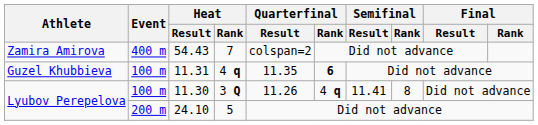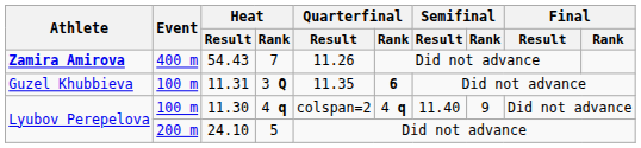 <table class=wikitable style="font-size:90%">
 <tr>
 <th rowspan="2">Athlete</th>
 <th rowspan="2">Event</th>
 <th colspan="2">Heat</th>
 <th colspan="2">Quarterfinal</th>
 <th colspan="2">Semifinal</th>
 <th colspan="2">Final</th>
 </tr>
 <tr style="font-size:95%">
 <th>Result</th>
 <th>Rank</th>
 <th>Result</th>
 <th>Rank</th>
 <th>Result</th>
 <th>Rank</th>
 <th>Result</th>
 <th>Rank</th>
 </tr>
 <tr align=center>
-<td align=left><a href='#'>Zamira Amirova</a></td>
+<td align=left><strong><a href='#'>Zamira Amirova</a></strong></td>
 <td align=left><a href='#'>400 m</a></td>
 <td>54.43</td>
 <td>7</td>
-<td>colspan=2 </td>
+<td>11.26</td>
 <td colspan=4>Did not advance</td>
 </tr>
 <tr align=center>
 <td align=left><a href='#'>Guzel Khubbieva</a></td>
 <td align=left><a href='#'>100 m</a></td>
 <td>11.31</td>
-<td>4 <strong>q</strong></td>
+<td>3 <strong>Q</strong></td>
 <td>11.35</td>
 <td><strong>6</strong></td>
 <td colspan=4>Did not advance</td>
 </tr>
 <tr align=center>
 <td align=left rowspan=2><a href='#'>Lyubov Perepelova</a></td>
 <td align=left><a href='#'>100 m</a></td>
 <td>11.30</td>
-<td>3 <strong>Q</strong></td>
-<td>11.26</td>
 <td>4 <strong>q</strong></td>
-<td>11.41</td>
-<td>8</td>
+<td>colspan=2 </td>
+<td>4 <strong>q</strong></td>
+<td>11.40</td>
+<td>9</td>
 <td colspan=2>Did not advance</td>
 </tr>
 <tr align=center>
 <td align=left><a href='#'>200 m</a></td>
 <td>24.10</td>
 <td>5</td>
 <td colspan=6>Did not advance</td>
 </tr>
 </table>
